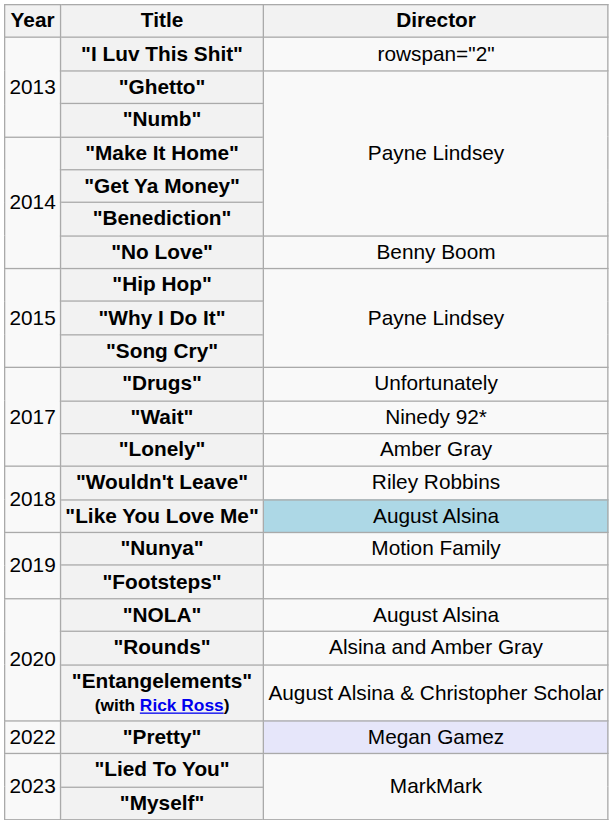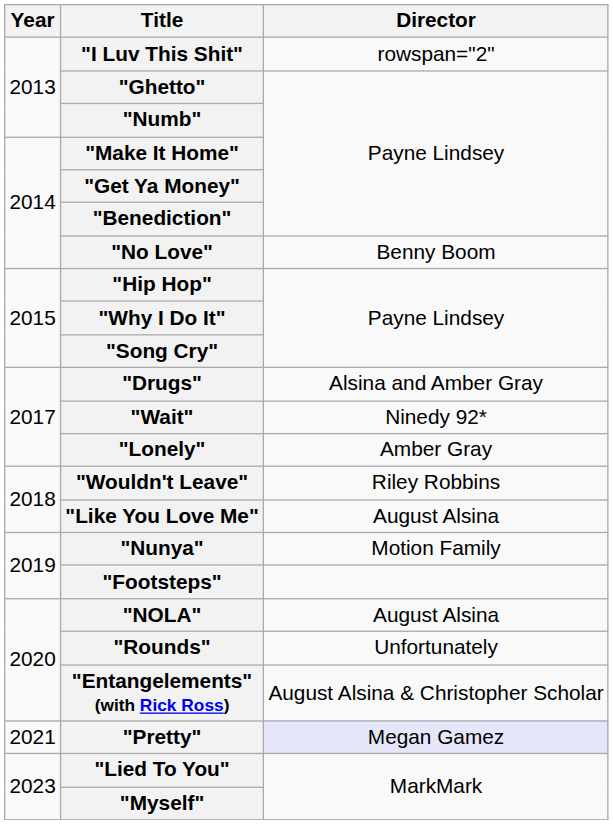 <table class="wikitable plainrowheaders" style="text-align:center;">
 <tr>
 <th scope="col">Year</th>
 <th scope="col">Title</th>
 <th scope="col">Director</th>
 </tr>
 <tr>
 <td rowspan="3">2013</td>
 <th scope="row">"I Luv This Shit" <br></th>
 <td>rowspan="2" </td>
 </tr>
 <tr>
 <th scope="row">"Ghetto" <br></th>
 <td rowspan="5">Payne Lindsey</td>
 </tr>
 <tr>
 <th scope="row">"Numb" <br></th>
 </tr>
 <tr>
 <td rowspan="4">2014</td>
 <th scope="row">"Make It Home" <br></th>
 </tr>
 <tr>
 <th scope="row">"Get Ya Money" <br></th>
 </tr>
 <tr>
 <th scope="row">"Benediction" <br></th>
 </tr>
 <tr>
 <th scope="row">"No Love" <br></th>
 <td>Benny Boom</td>
 </tr>
 <tr>
 <td rowspan="3">2015</td>
 <th scope="row">"Hip Hop"</th>
 <td rowspan="3">Payne Lindsey</td>
 </tr>
 <tr>
 <th scope="row">"Why I Do It" <br></th>
 </tr>
 <tr>
 <th scope="row">"Song Cry"</th>
 </tr>
 <tr>
 <td rowspan="3">2017</td>
 <th scope="row">"Drugs"</th>
-<td>Unfortunately</td>
+<td>Alsina and Amber Gray</td>
 </tr>
 <tr>
 <th scope="row">"Wait"</th>
 <td>Ninedy 92*</td>
 </tr>
 <tr>
 <th scope="row">"Lonely"</th>
 <td>Amber Gray</td>
 </tr>
 <tr>
 <td rowspan="2">2018</td>
 <th scope="row">"Wouldn't Leave"</th>
 <td>Riley Robbins</td>
 </tr>
 <tr>
 <th scope="row">"Like You Love Me"</th>
-<td style="background: lightblue;">August Alsina</td>
+<td>August Alsina</td>
 </tr>
 <tr>
 <td rowspan="2">2019</td>
 <th scope="row">"Nunya"</th>
 <td>Motion Family</td>
 </tr>
 <tr>
 <th scope="row">"Footsteps"</th>
 </tr>
 <tr>
 <td rowspan="3">2020</td>
 <th scope="row">"NOLA"</th>
 <td>August Alsina</td>
 </tr>
 <tr>
 <th scope="row">"Rounds"</th>
-<td>Alsina and Amber Gray</td>
+<td>Unfortunately</td>
 </tr>
 <tr>
 <th scope="row">"Entangelements"<br><small>(with <a href='#'>Rick Ross</a>)</small></th>
 <td>August Alsina & Christopher Scholar</td>
 </tr>
 <tr>
-<td>2022</td>
+<td>2021</td>
 <th scope="row">"Pretty"</th>
 <td style="background: lavender;">Megan Gamez</td>
 </tr>
 <tr>
 <td rowspan="2">2023</td>
 <th scope="row">"Lied To You"</th>
 <td rowspan="2">MarkMark</td>
 </tr>
 <tr>
 <th scope="row">"Myself"</th>
 </tr>
 </table>
